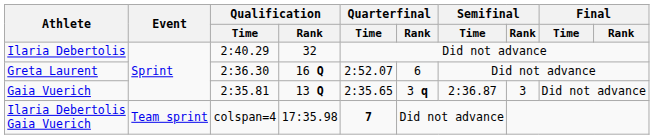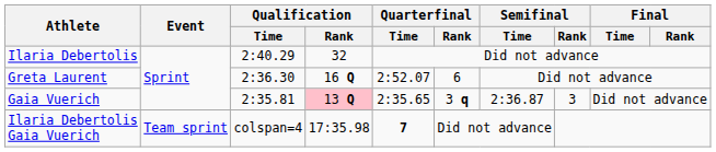 <table class="wikitable" style="font-size:90%">
 <tr>
 <th rowspan="2">Athlete</th>
 <th rowspan="2">Event</th>
 <th colspan="2">Qualification</th>
 <th colspan="2">Quarterfinal</th>
 <th colspan="2">Semifinal</th>
 <th colspan="2">Final</th>
 </tr>
 <tr style="font-size:95%">
 <th>Time</th>
 <th>Rank</th>
 <th>Time</th>
 <th>Rank</th>
 <th>Time</th>
 <th>Rank</th>
 <th>Time</th>
 <th>Rank</th>
 </tr>
 <tr align=center>
 <td align=left><a href='#'>Ilaria Debertolis</a></td>
 <td align=left rowspan=3><a href='#'>Sprint</a></td>
 <td>2:40.29</td>
 <td>32</td>
 <td colspan=6>Did not advance</td>
 </tr>
 <tr align=center>
 <td align=left><a href='#'>Greta Laurent</a></td>
 <td>2:36.30</td>
 <td>16 <strong>Q</strong></td>
 <td>2:52.07</td>
 <td>6</td>
 <td colspan=4>Did not advance</td>
 </tr>
 <tr align=center>
 <td align=left><a href='#'>Gaia Vuerich</a></td>
 <td>2:35.81</td>
-<td>13 <strong>Q</strong></td>
+<td style="background: pink;">13 <strong>Q</strong></td>
 <td>2:35.65</td>
 <td>3 <strong>q</strong></td>
 <td>2:36.87</td>
 <td>3</td>
 <td colspan=2>Did not advance</td>
 </tr>
 <tr align=center>
 <td align=left><a href='#'>Ilaria Debertolis</a><br><a href='#'>Gaia Vuerich</a></td>
 <td align=left><a href='#'>Team sprint</a></td>
 <td>colspan=4 </td>
 <td>17:35.98</td>
 <td><strong>7</strong></td>
 <td colspan=2>Did not advance</td>
 </tr>
 </table>
